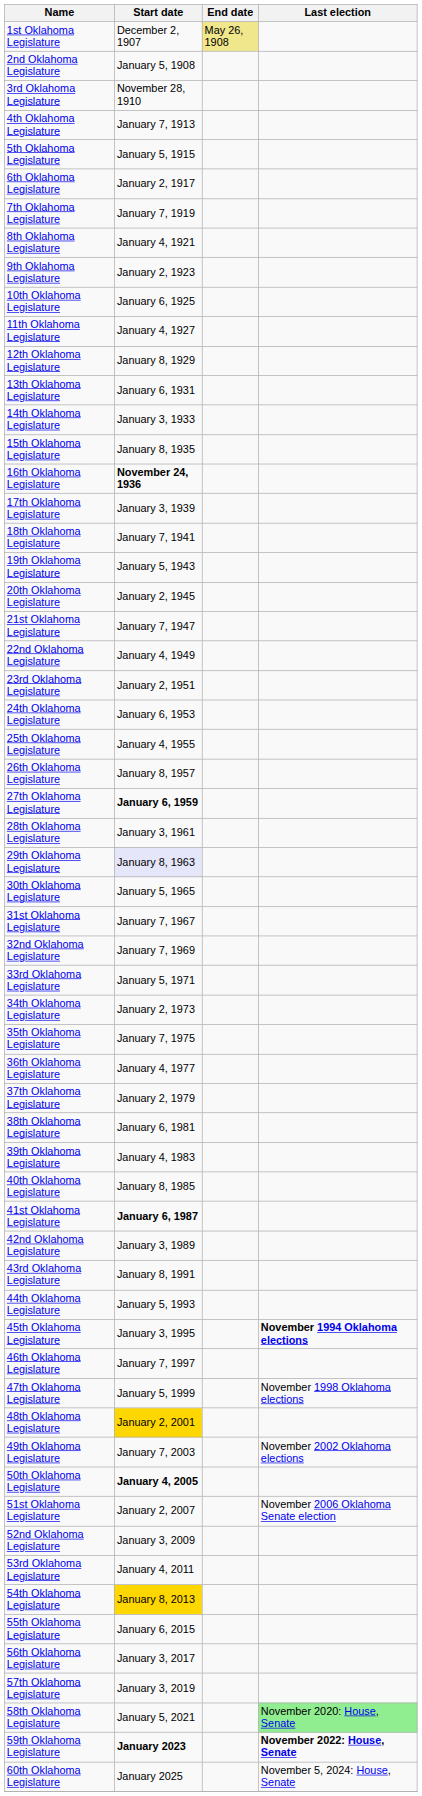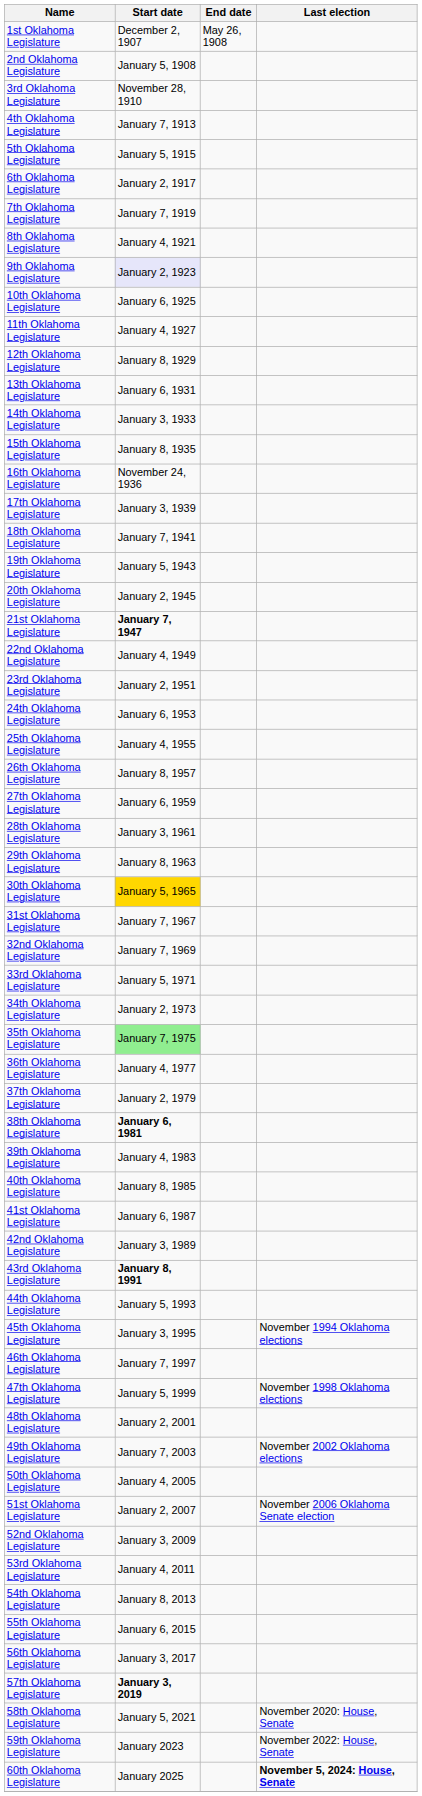 <table class="wikitable mw-datatable sticky-header">
 <tr>
 <th>Name</th>
 <th>Start date</th>
 <th>End date</th>
 <th>Last election</th>
 </tr>
 <tr>
 <td><a href='#'>1st Oklahoma Legislature</a></td>
 <td>December 2, 1907</td>
-<td style="background: khaki;">May 26, 1908</td>
+<td>May 26, 1908</td>
 <td></td>
 </tr>
 <tr>
 <td><a href='#'>2nd Oklahoma Legislature</a></td>
 <td>January 5, 1908</td>
 <td></td>
 <td></td>
 </tr>
 <tr>
 <td><a href='#'>3rd Oklahoma Legislature</a></td>
 <td>November 28, 1910</td>
 <td></td>
 <td></td>
 </tr>
 <tr>
 <td><a href='#'>4th Oklahoma Legislature</a></td>
 <td>January 7, 1913</td>
 <td></td>
 <td></td>
 </tr>
 <tr>
 <td><a href='#'>5th Oklahoma Legislature</a></td>
 <td>January 5, 1915</td>
 <td></td>
 <td></td>
 </tr>
 <tr>
 <td><a href='#'>6th Oklahoma Legislature</a></td>
 <td>January 2, 1917</td>
 <td></td>
 <td></td>
 </tr>
 <tr>
 <td><a href='#'>7th Oklahoma Legislature</a></td>
 <td>January 7, 1919</td>
 <td></td>
 <td></td>
 </tr>
 <tr>
 <td><a href='#'>8th Oklahoma Legislature</a></td>
 <td>January 4, 1921</td>
 <td></td>
 <td></td>
 </tr>
 <tr>
 <td><a href='#'>9th Oklahoma Legislature</a></td>
-<td>January 2, 1923</td>
+<td style="background: lavender;">January 2, 1923</td>
 <td></td>
 <td></td>
 </tr>
 <tr>
 <td><a href='#'>10th Oklahoma Legislature</a></td>
 <td>January 6, 1925</td>
 <td></td>
 <td></td>
 </tr>
 <tr>
 <td><a href='#'>11th Oklahoma Legislature</a></td>
 <td>January 4, 1927</td>
 <td></td>
 <td></td>
 </tr>
 <tr>
 <td><a href='#'>12th Oklahoma Legislature</a></td>
 <td>January 8, 1929</td>
 <td></td>
 <td></td>
 </tr>
 <tr>
 <td><a href='#'>13th Oklahoma Legislature</a></td>
 <td>January 6, 1931</td>
 <td></td>
 <td></td>
 </tr>
 <tr>
 <td><a href='#'>14th Oklahoma Legislature</a></td>
 <td>January 3, 1933</td>
 <td></td>
 <td></td>
 </tr>
 <tr>
 <td><a href='#'>15th Oklahoma Legislature</a></td>
 <td>January 8, 1935</td>
 <td></td>
 <td></td>
 </tr>
 <tr>
 <td><a href='#'>16th Oklahoma Legislature</a></td>
-<td><strong>November 24, 1936</strong></td>
+<td>November 24, 1936</td>
 <td></td>
 <td></td>
 </tr>
 <tr>
 <td><a href='#'>17th Oklahoma Legislature</a></td>
 <td>January 3, 1939</td>
 <td></td>
 <td></td>
 </tr>
 <tr>
 <td><a href='#'>18th Oklahoma Legislature</a></td>
 <td>January 7, 1941</td>
 <td></td>
 <td></td>
 </tr>
 <tr>
 <td><a href='#'>19th Oklahoma Legislature</a></td>
 <td>January 5, 1943</td>
 <td></td>
 <td></td>
 </tr>
 <tr>
 <td><a href='#'>20th Oklahoma Legislature</a></td>
 <td>January 2, 1945</td>
 <td></td>
 <td></td>
 </tr>
 <tr>
 <td><a href='#'>21st Oklahoma Legislature</a></td>
-<td>January 7, 1947</td>
+<td><strong>January 7, 1947</strong></td>
 <td></td>
 <td></td>
 </tr>
 <tr>
 <td><a href='#'>22nd Oklahoma Legislature</a></td>
 <td>January 4, 1949</td>
 <td></td>
 <td></td>
 </tr>
 <tr>
 <td><a href='#'>23rd Oklahoma Legislature</a></td>
 <td>January 2, 1951</td>
 <td></td>
 <td></td>
 </tr>
 <tr>
 <td><a href='#'>24th Oklahoma Legislature</a></td>
 <td>January 6, 1953</td>
 <td></td>
 <td></td>
 </tr>
 <tr>
 <td><a href='#'>25th Oklahoma Legislature</a></td>
 <td>January 4, 1955</td>
 <td></td>
 <td></td>
 </tr>
 <tr>
 <td><a href='#'>26th Oklahoma Legislature</a></td>
 <td>January 8, 1957</td>
 <td></td>
 <td></td>
 </tr>
 <tr>
 <td><a href='#'>27th Oklahoma Legislature</a></td>
-<td><strong>January 6, 1959</strong></td>
+<td>January 6, 1959</td>
 <td></td>
 <td></td>
 </tr>
 <tr>
 <td><a href='#'>28th Oklahoma Legislature</a></td>
 <td>January 3, 1961</td>
 <td></td>
 <td></td>
 </tr>
 <tr>
 <td><a href='#'>29th Oklahoma Legislature</a></td>
-<td style="background: lavender;">January 8, 1963</td>
+<td>January 8, 1963</td>
 <td></td>
 <td></td>
 </tr>
 <tr>
 <td><a href='#'>30th Oklahoma Legislature</a></td>
-<td>January 5, 1965</td>
+<td style="background: gold;">January 5, 1965</td>
 <td></td>
 <td></td>
 </tr>
 <tr>
 <td><a href='#'>31st Oklahoma Legislature</a></td>
 <td>January 7, 1967</td>
 <td></td>
 <td></td>
 </tr>
 <tr>
 <td><a href='#'>32nd Oklahoma Legislature</a></td>
 <td>January 7, 1969</td>
 <td></td>
 <td></td>
 </tr>
 <tr>
 <td><a href='#'>33rd Oklahoma Legislature</a></td>
 <td>January 5, 1971</td>
 <td></td>
 <td></td>
 </tr>
 <tr>
 <td><a href='#'>34th Oklahoma Legislature</a></td>
 <td>January 2, 1973</td>
 <td></td>
 <td></td>
 </tr>
 <tr>
 <td><a href='#'>35th Oklahoma Legislature</a></td>
-<td>January 7, 1975</td>
+<td style="background: lightgreen;">January 7, 1975</td>
 <td></td>
 <td></td>
 </tr>
 <tr>
 <td><a href='#'>36th Oklahoma Legislature</a></td>
 <td>January 4, 1977</td>
 <td></td>
 <td></td>
 </tr>
 <tr>
 <td><a href='#'>37th Oklahoma Legislature</a></td>
 <td>January 2, 1979</td>
 <td></td>
 <td></td>
 </tr>
 <tr>
 <td><a href='#'>38th Oklahoma Legislature</a></td>
-<td>January 6, 1981</td>
+<td><strong>January 6, 1981</strong></td>
 <td></td>
 <td></td>
 </tr>
 <tr>
 <td><a href='#'>39th Oklahoma Legislature</a></td>
 <td>January 4, 1983</td>
 <td></td>
 <td></td>
 </tr>
 <tr>
 <td><a href='#'>40th Oklahoma Legislature</a></td>
 <td>January 8, 1985</td>
 <td></td>
 <td></td>
 </tr>
 <tr>
 <td><a href='#'>41st Oklahoma Legislature</a></td>
-<td><strong>January 6, 1987</strong></td>
+<td>January 6, 1987</td>
 <td></td>
 <td></td>
 </tr>
 <tr>
 <td><a href='#'>42nd Oklahoma Legislature</a></td>
 <td>January 3, 1989</td>
 <td></td>
 <td></td>
 </tr>
 <tr>
 <td><a href='#'>43rd Oklahoma Legislature</a></td>
-<td>January 8, 1991</td>
+<td><strong>January 8, 1991</strong></td>
 <td></td>
 <td></td>
 </tr>
 <tr>
 <td><a href='#'>44th Oklahoma Legislature</a></td>
 <td>January 5, 1993</td>
 <td></td>
 <td></td>
 </tr>
 <tr>
 <td><a href='#'>45th Oklahoma Legislature</a></td>
 <td>January 3, 1995</td>
 <td></td>
-<td><strong>November <a href='#'>1994 Oklahoma elections</a></strong></td>
+<td>November <a href='#'>1994 Oklahoma elections</a></td>
 </tr>
 <tr>
 <td><a href='#'>46th Oklahoma Legislature</a></td>
 <td>January 7, 1997</td>
 <td></td>
 <td></td>
 </tr>
 <tr>
 <td><a href='#'>47th Oklahoma Legislature</a></td>
 <td>January 5, 1999</td>
 <td></td>
 <td>November <a href='#'>1998 Oklahoma elections</a></td>
 </tr>
 <tr>
 <td><a href='#'>48th Oklahoma Legislature</a></td>
-<td style="background: gold;">January 2, 2001</td>
+<td>January 2, 2001</td>
 <td></td>
 <td></td>
 </tr>
 <tr>
 <td><a href='#'>49th Oklahoma Legislature</a></td>
 <td>January 7, 2003</td>
 <td></td>
 <td>November <a href='#'>2002 Oklahoma elections</a></td>
 </tr>
 <tr>
 <td><a href='#'>50th Oklahoma Legislature</a></td>
-<td><strong>January 4, 2005</strong></td>
+<td>January 4, 2005</td>
 <td></td>
 <td></td>
 </tr>
 <tr>
 <td><a href='#'>51st Oklahoma Legislature</a></td>
 <td>January 2, 2007</td>
 <td></td>
 <td>November <a href='#'>2006 Oklahoma Senate election</a></td>
 </tr>
 <tr>
 <td><a href='#'>52nd Oklahoma Legislature</a></td>
 <td>January 3, 2009</td>
 <td></td>
 <td></td>
 </tr>
 <tr>
 <td><a href='#'>53rd Oklahoma Legislature</a></td>
 <td>January 4, 2011</td>
 <td></td>
 <td></td>
 </tr>
 <tr>
 <td><a href='#'>54th Oklahoma Legislature</a></td>
-<td style="background: gold;">January 8, 2013</td>
+<td>January 8, 2013</td>
 <td></td>
 <td></td>
 </tr>
 <tr>
 <td><a href='#'>55th Oklahoma Legislature</a></td>
 <td>January 6, 2015</td>
 <td></td>
 <td></td>
 </tr>
 <tr>
 <td><a href='#'>56th Oklahoma Legislature</a></td>
 <td>January 3, 2017</td>
 <td></td>
 <td></td>
 </tr>
 <tr>
 <td><a href='#'>57th Oklahoma Legislature</a></td>
-<td>January 3, 2019</td>
+<td><strong>January 3, 2019</strong></td>
 <td></td>
 <td></td>
 </tr>
 <tr>
 <td><a href='#'>58th Oklahoma Legislature</a></td>
 <td>January 5, 2021</td>
 <td></td>
-<td style="background: lightgreen;">November 2020: <a href='#'>House</a>, <a href='#'>Senate</a></td>
+<td>November 2020: <a href='#'>House</a>, <a href='#'>Senate</a></td>
 </tr>
 <tr>
 <td><a href='#'>59th Oklahoma Legislature</a></td>
-<td><strong>January 2023</strong></td>
+<td>January 2023</td>
 <td></td>
-<td><strong>November 2022: <a href='#'>House</a>, <a href='#'>Senate</a></strong></td>
+<td>November 2022: <a href='#'>House</a>, <a href='#'>Senate</a></td>
 </tr>
 <tr>
 <td><a href='#'>60th Oklahoma Legislature</a></td>
 <td>January 2025</td>
 <td></td>
-<td>November 5, 2024: <a href='#'>House</a>, <a href='#'>Senate</a></td>
+<td><strong>November 5, 2024: <a href='#'>House</a>, <a href='#'>Senate</a></strong></td>
 </tr>
 <tr>
 </tr>
 </table>
